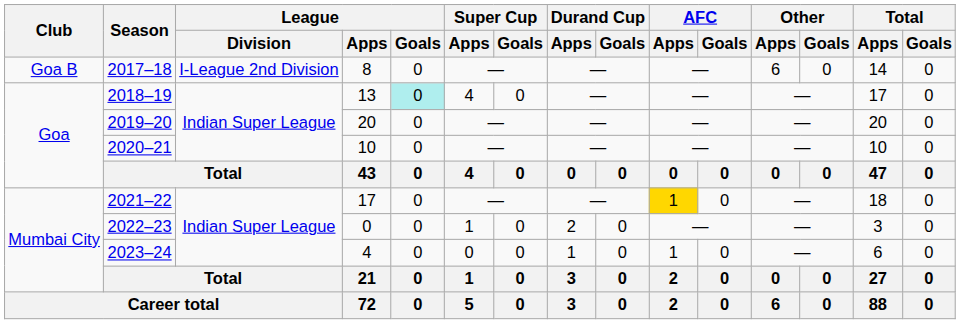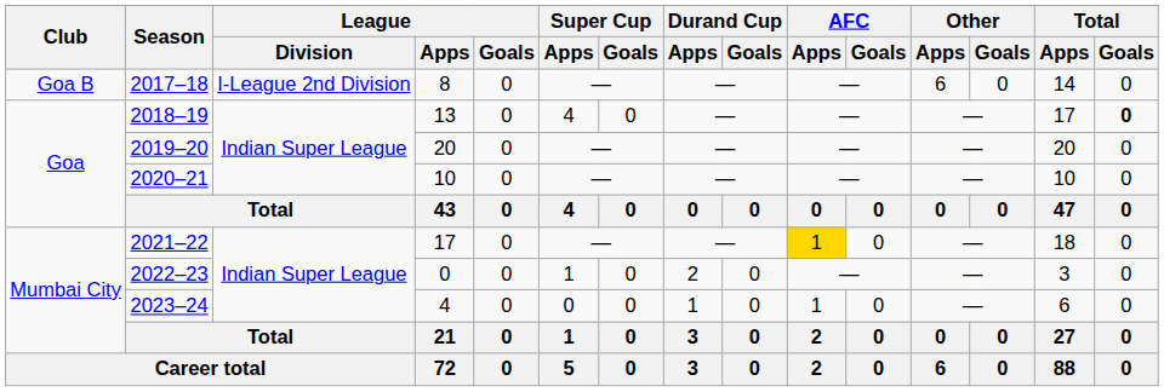 <table class="wikitable" style="text-align: center;">
 <tr>
 <th rowspan="2">Club</th>
 <th rowspan="2">Season</th>
 <th colspan="3">League</th>
 <th colspan="2">Super Cup</th>
 <th colspan="2">Durand Cup</th>
 <th colspan="2"><a href='#'>AFC</a></th>
 <th colspan="2">Other</th>
 <th colspan="2">Total</th>
 </tr>
 <tr>
 <th>Division</th>
 <th>Apps</th>
 <th>Goals</th>
 <th>Apps</th>
 <th>Goals</th>
 <th>Apps</th>
 <th>Goals</th>
 <th>Apps</th>
 <th>Goals</th>
 <th>Apps</th>
 <th>Goals</th>
 <th>Apps</th>
 <th>Goals</th>
 </tr>
 <tr>
 <td><a href='#'>Goa B</a></td>
 <td><a href='#'>2017–18</a></td>
 <td><a href='#'>I-League 2nd Division</a></td>
 <td>8</td>
 <td>0</td>
 <td colspan="2">—</td>
 <td colspan="2">—</td>
 <td colspan="2">—</td>
 <td>6</td>
 <td>0</td>
 <td>14</td>
 <td>0</td>
 </tr>
 <tr>
 <td rowspan="4"><a href='#'>Goa</a></td>
 <td><a href='#'>2018–19</a></td>
 <td rowspan="3"><a href='#'>Indian Super League</a></td>
 <td>13</td>
-<td style="background: paleturquoise;">0</td>
+<td>0</td>
 <td>4</td>
 <td>0</td>
 <td colspan="2">—</td>
 <td colspan="2">—</td>
 <td colspan="2">—</td>
 <td>17</td>
-<td>0</td>
+<td><strong>0</strong></td>
 </tr>
 <tr>
 <td><a href='#'>2019–20</a></td>
 <td>20</td>
 <td>0</td>
 <td colspan="2">—</td>
 <td colspan="2">—</td>
 <td colspan="2">—</td>
 <td colspan="2">—</td>
 <td>20</td>
 <td>0</td>
 </tr>
 <tr>
 <td><a href='#'>2020–21</a></td>
 <td>10</td>
 <td>0</td>
 <td colspan="2">—</td>
 <td colspan="2">—</td>
 <td colspan="2">—</td>
 <td colspan="2">—</td>
 <td>10</td>
 <td>0</td>
 </tr>
 <tr>
 <th colspan="2">Total</th>
 <th>43</th>
 <th>0</th>
 <th>4</th>
 <th>0</th>
 <th>0</th>
 <th>0</th>
 <th>0</th>
 <th>0</th>
 <th>0</th>
 <th>0</th>
 <th>47</th>
 <th>0</th>
 </tr>
 <tr>
 <td rowspan="4"><a href='#'>Mumbai City</a></td>
 <td><a href='#'>2021–22</a></td>
 <td rowspan="3"><a href='#'>Indian Super League</a></td>
 <td>17</td>
 <td>0</td>
 <td colspan="2">—</td>
 <td colspan="2">—</td>
 <td style="background: gold;">1</td>
 <td>0</td>
 <td colspan="2">—</td>
 <td>18</td>
 <td>0</td>
 </tr>
 <tr>
 <td><a href='#'>2022–23</a></td>
 <td>0</td>
 <td>0</td>
 <td>1</td>
 <td>0</td>
 <td>2</td>
 <td>0</td>
 <td colspan="2">—</td>
 <td colspan="2">—</td>
 <td>3</td>
 <td>0</td>
 </tr>
 <tr>
 <td><a href='#'>2023–24</a></td>
 <td>4</td>
 <td>0</td>
 <td>0</td>
 <td>0</td>
 <td>1</td>
 <td>0</td>
 <td>1</td>
 <td>0</td>
 <td colspan="2">—</td>
 <td>6</td>
 <td>0</td>
 </tr>
 <tr>
 <th colspan="2">Total</th>
 <th>21</th>
 <th>0</th>
 <th>1</th>
 <th>0</th>
 <th>3</th>
 <th>0</th>
 <th>2</th>
 <th>0</th>
 <th>0</th>
 <th>0</th>
 <th>27</th>
 <th>0</th>
 </tr>
 <tr>
 <th colspan="3">Career total</th>
 <th>72</th>
 <th>0</th>
 <th>5</th>
 <th>0</th>
 <th>3</th>
 <th>0</th>
 <th>2</th>
 <th>0</th>
 <th>6</th>
 <th>0</th>
 <th>88</th>
 <th>0</th>
 </tr>
 </table>
